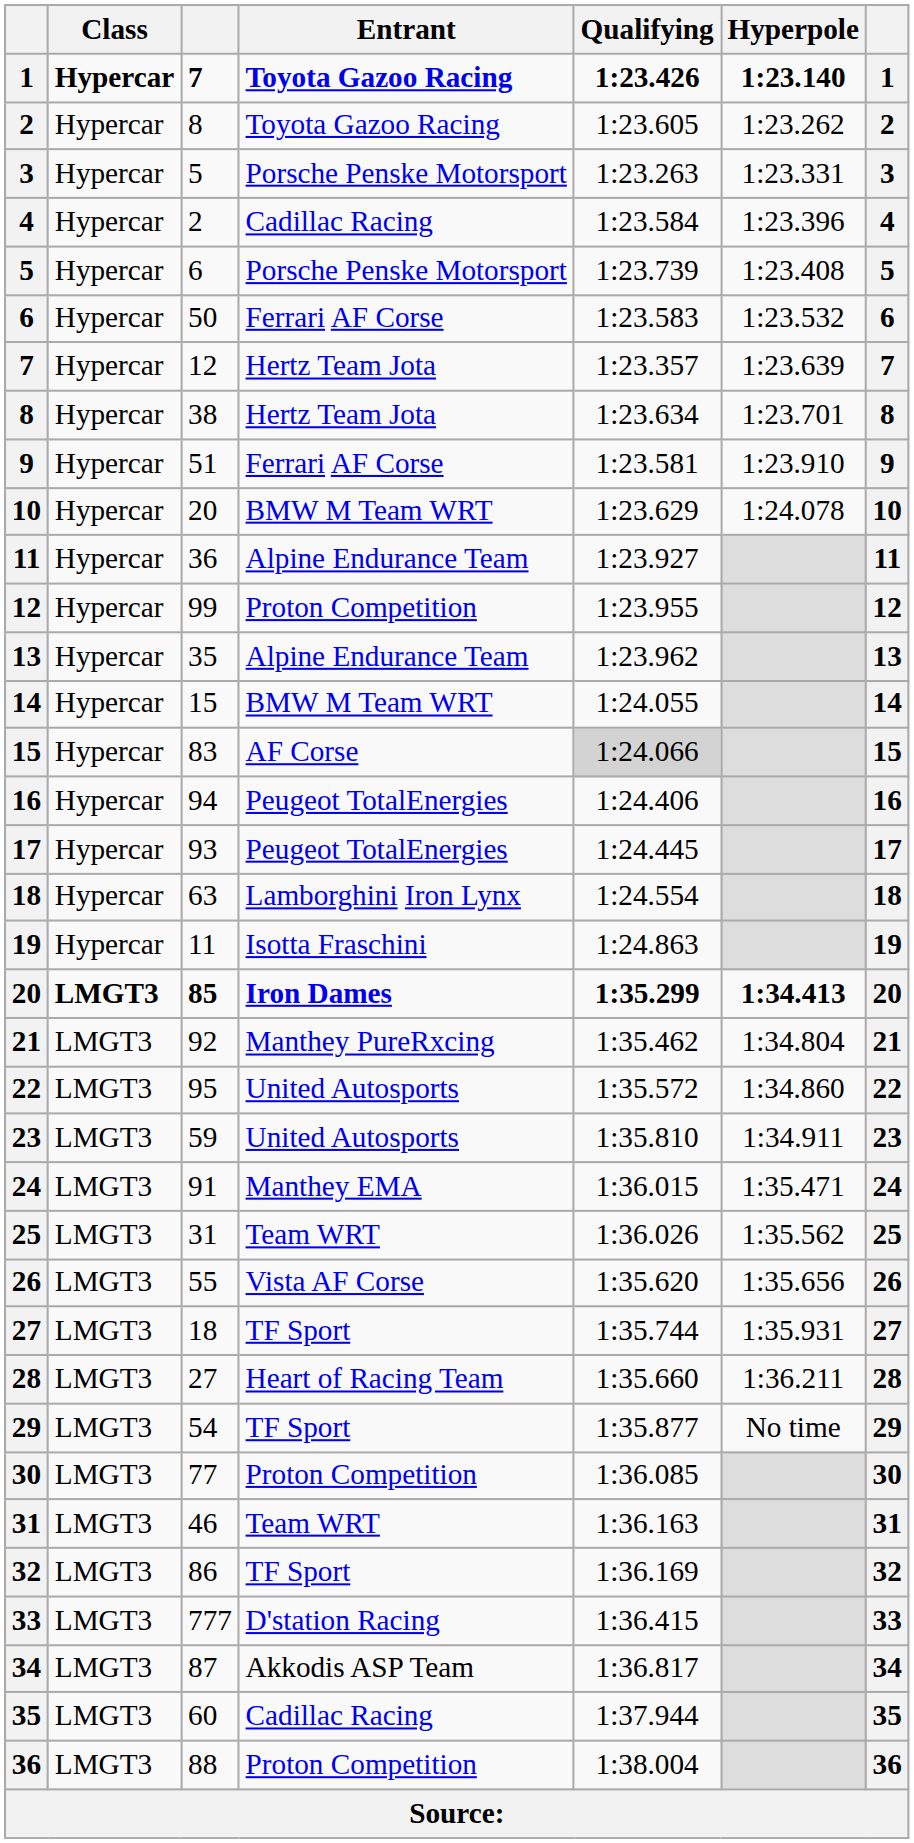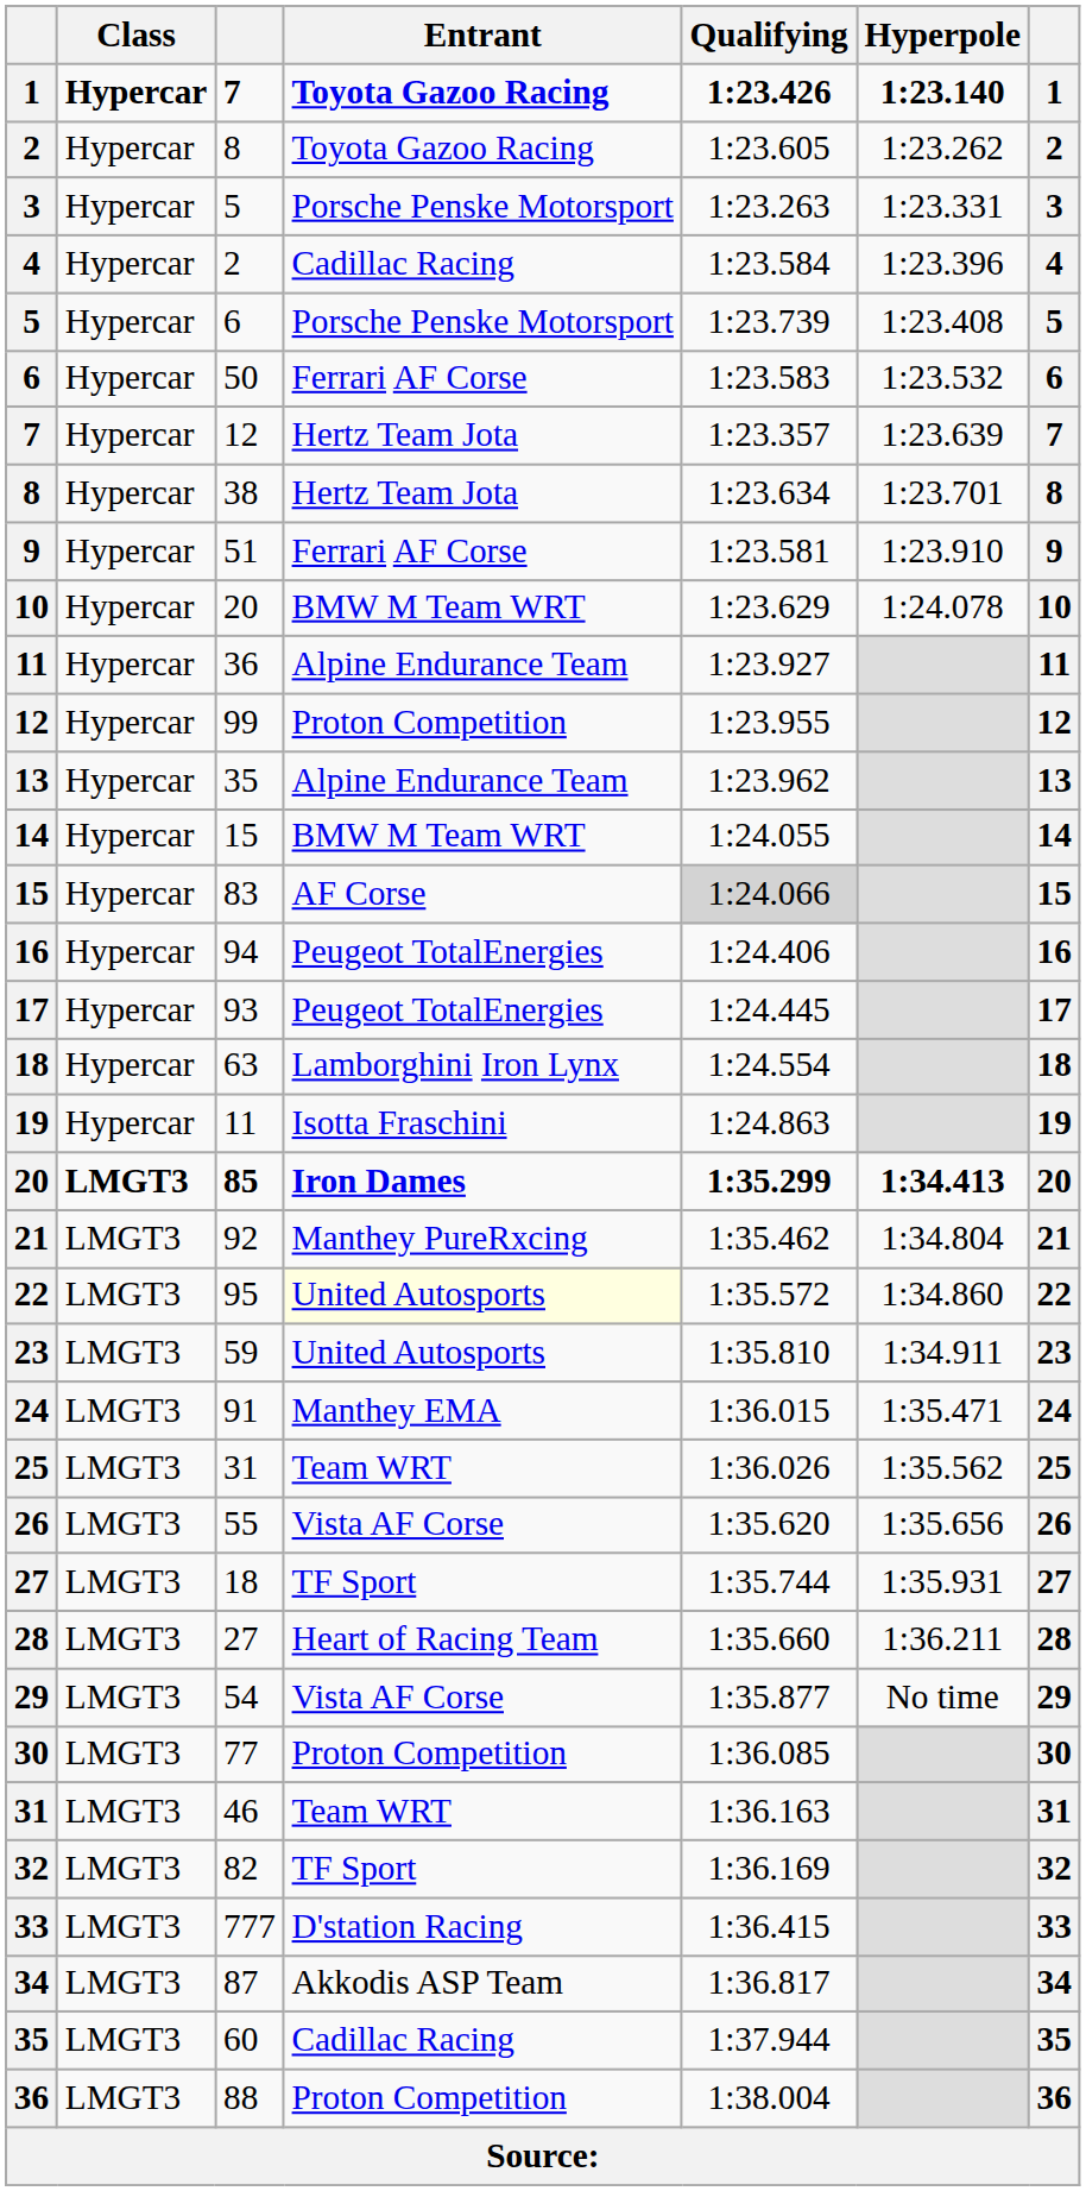 <table class="wikitable sortable" style="font-size:90%;">
 <tr>
 <th></th>
 <th>Class</th>
 <th></th>
 <th>Entrant</th>
 <th>Qualifying</th>
 <th>Hyperpole</th>
 <th></th>
 </tr>
 <tr style="font-weight:bold">
 <th>1</th>
 <td>Hypercar</td>
 <td>7</td>
 <td> <a href='#'>Toyota Gazoo Racing</a></td>
 <td style="text-align:center;">1:23.426</td>
 <td style="text-align:center;">1:23.140</td>
 <th>1</th>
 </tr>
 <tr>
 <th>2</th>
 <td>Hypercar</td>
 <td>8</td>
 <td> <a href='#'>Toyota Gazoo Racing</a></td>
 <td style="text-align:center;">1:23.605</td>
 <td style="text-align:center;">1:23.262</td>
 <th>2</th>
 </tr>
 <tr>
 <th>3</th>
 <td>Hypercar</td>
 <td>5</td>
 <td> <a href='#'>Porsche Penske Motorsport</a></td>
 <td style="text-align:center;">1:23.263</td>
 <td style="text-align:center;">1:23.331</td>
 <th>3</th>
 </tr>
 <tr>
 <th>4</th>
 <td>Hypercar</td>
 <td>2</td>
 <td> <a href='#'>Cadillac Racing</a></td>
 <td style="text-align:center;">1:23.584</td>
 <td style="text-align:center;">1:23.396</td>
 <th>4</th>
 </tr>
 <tr>
 <th>5</th>
 <td>Hypercar</td>
 <td>6</td>
 <td> <a href='#'>Porsche Penske Motorsport</a></td>
 <td style="text-align:center;">1:23.739</td>
 <td style="text-align:center;">1:23.408</td>
 <th>5</th>
 </tr>
 <tr>
 <th>6</th>
 <td>Hypercar</td>
 <td>50</td>
 <td> <a href='#'>Ferrari</a> <a href='#'>AF Corse</a></td>
 <td style="text-align:center;">1:23.583</td>
 <td style="text-align:center;">1:23.532</td>
 <th>6</th>
 </tr>
 <tr>
 <th>7</th>
 <td>Hypercar</td>
 <td>12</td>
 <td> <a href='#'>Hertz Team Jota</a></td>
 <td style="text-align:center;">1:23.357</td>
 <td style="text-align:center;">1:23.639</td>
 <th>7</th>
 </tr>
 <tr>
 <th>8</th>
 <td>Hypercar</td>
 <td>38</td>
 <td> <a href='#'>Hertz Team Jota</a></td>
 <td style="text-align:center;">1:23.634</td>
 <td style="text-align:center;">1:23.701</td>
 <th>8</th>
 </tr>
 <tr>
 <th>9</th>
 <td>Hypercar</td>
 <td>51</td>
 <td> <a href='#'>Ferrari</a> <a href='#'>AF Corse</a></td>
 <td style="text-align:center;">1:23.581</td>
 <td style="text-align:center;">1:23.910</td>
 <th>9</th>
 </tr>
 <tr>
 <th>10</th>
 <td>Hypercar</td>
 <td>20</td>
 <td> <a href='#'>BMW M Team WRT</a></td>
 <td style="text-align:center;">1:23.629</td>
 <td style="text-align:center;">1:24.078</td>
 <th>10</th>
 </tr>
 <tr>
 <th>11</th>
 <td>Hypercar</td>
 <td>36</td>
 <td> <a href='#'>Alpine Endurance Team</a></td>
 <td style="text-align:center;">1:23.927</td>
 <td style="text-align:center; background:#ddd;"></td>
 <th>11</th>
 </tr>
 <tr>
 <th>12</th>
 <td>Hypercar</td>
 <td>99</td>
 <td> <a href='#'>Proton Competition</a></td>
 <td style="text-align:center;">1:23.955</td>
 <td style="text-align:center; background:#ddd;"></td>
 <th>12</th>
 </tr>
 <tr>
 <th>13</th>
 <td>Hypercar</td>
 <td>35</td>
 <td> <a href='#'>Alpine Endurance Team</a></td>
 <td style="text-align:center;">1:23.962</td>
 <td style="text-align:center; background:#ddd;"></td>
 <th>13</th>
 </tr>
 <tr>
 <th>14</th>
 <td>Hypercar</td>
 <td>15</td>
 <td> <a href='#'>BMW M Team WRT</a></td>
 <td style="text-align:center;">1:24.055</td>
 <td style="text-align:center; background:#ddd;"></td>
 <th>14</th>
 </tr>
 <tr>
 <th>15</th>
 <td>Hypercar</td>
 <td>83</td>
 <td> <a href='#'>AF Corse</a></td>
 <td style="background: lightgrey; text-align:center;">1:24.066</td>
 <td style="text-align:center; background:#ddd;"></td>
 <th>15</th>
 </tr>
 <tr>
 <th>16</th>
 <td>Hypercar</td>
 <td>94</td>
 <td> <a href='#'>Peugeot TotalEnergies</a></td>
 <td style="text-align:center;">1:24.406</td>
 <td style="text-align:center; background:#ddd;"></td>
 <th>16</th>
 </tr>
 <tr>
 <th>17</th>
 <td>Hypercar</td>
 <td>93</td>
 <td> <a href='#'>Peugeot TotalEnergies</a></td>
 <td style="text-align:center;">1:24.445</td>
 <td style="text-align:center; background:#ddd;"></td>
 <th>17</th>
 </tr>
 <tr>
 <th>18</th>
 <td>Hypercar</td>
 <td>63</td>
 <td> <a href='#'>Lamborghini</a> <a href='#'>Iron Lynx</a></td>
 <td style="text-align:center;">1:24.554</td>
 <td style="text-align:center; background:#ddd;"></td>
 <th>18</th>
 </tr>
 <tr>
 <th>19</th>
 <td>Hypercar</td>
 <td>11</td>
 <td> <a href='#'>Isotta Fraschini</a></td>
 <td style="text-align:center;">1:24.863</td>
 <td style="text-align:center; background:#ddd;"></td>
 <th>19</th>
 </tr>
 <tr style="font-weight:bold">
 <th>20</th>
 <td>LMGT3</td>
 <td>85</td>
 <td> <a href='#'>Iron Dames</a></td>
 <td style="text-align:center;">1:35.299</td>
 <td style="text-align:center;">1:34.413</td>
 <th>20</th>
 </tr>
 <tr>
 <th>21</th>
 <td>LMGT3</td>
 <td>92</td>
 <td> <a href='#'>Manthey PureRxcing</a></td>
 <td style="text-align:center;">1:35.462</td>
 <td style="text-align:center;">1:34.804</td>
 <th>21</th>
 </tr>
 <tr>
 <th>22</th>
 <td>LMGT3</td>
 <td>95</td>
-<td> <a href='#'>United Autosports</a></td>
+<td style="background: lightyellow;"> <a href='#'>United Autosports</a></td>
 <td style="text-align:center;">1:35.572</td>
 <td style="text-align:center;">1:34.860</td>
 <th>22</th>
 </tr>
 <tr>
 <th>23</th>
 <td>LMGT3</td>
 <td>59</td>
 <td> <a href='#'>United Autosports</a></td>
 <td style="text-align:center;">1:35.810</td>
 <td style="text-align:center;">1:34.911</td>
 <th>23</th>
 </tr>
 <tr>
 <th>24</th>
 <td>LMGT3</td>
 <td>91</td>
 <td> <a href='#'>Manthey EMA</a></td>
 <td style="text-align:center;">1:36.015</td>
 <td style="text-align:center;">1:35.471</td>
 <th>24</th>
 </tr>
 <tr>
 <th>25</th>
 <td>LMGT3</td>
 <td>31</td>
 <td> <a href='#'>Team WRT</a></td>
 <td style="text-align:center;">1:36.026</td>
 <td style="text-align:center;">1:35.562</td>
 <th>25</th>
 </tr>
 <tr>
 <th>26</th>
 <td>LMGT3</td>
 <td>55</td>
 <td> <a href='#'>Vista AF Corse</a></td>
 <td style="text-align:center;">1:35.620</td>
 <td style="text-align:center;">1:35.656</td>
 <th>26</th>
 </tr>
 <tr>
 <th>27</th>
 <td>LMGT3</td>
 <td>18</td>
 <td> <a href='#'>TF Sport</a></td>
 <td style="text-align:center;">1:35.744</td>
 <td style="text-align:center;">1:35.931</td>
 <th>27</th>
 </tr>
 <tr>
 <th>28</th>
 <td>LMGT3</td>
 <td>27</td>
 <td> <a href='#'>Heart of Racing Team</a></td>
 <td style="text-align:center;">1:35.660</td>
 <td style="text-align:center;">1:36.211</td>
 <th>28</th>
 </tr>
 <tr>
 <th>29</th>
 <td>LMGT3</td>
 <td>54</td>
-<td> <a href='#'>TF Sport</a></td>
+<td> <a href='#'>Vista AF Corse</a></td>
 <td style="text-align:center;">1:35.877</td>
 <td style="text-align:center;">No time</td>
 <th>29</th>
 </tr>
 <tr>
 <th>30</th>
 <td>LMGT3</td>
 <td>77</td>
 <td> <a href='#'>Proton Competition</a></td>
 <td style="text-align:center;">1:36.085</td>
 <td style="text-align:center; background:#ddd;"></td>
 <th>30</th>
 </tr>
 <tr>
 <th>31</th>
 <td>LMGT3</td>
 <td>46</td>
 <td> <a href='#'>Team WRT</a></td>
 <td style="text-align:center;">1:36.163</td>
 <td style="text-align:center; background:#ddd;"></td>
 <th>31</th>
 </tr>
 <tr>
 <th>32</th>
 <td>LMGT3</td>
-<td>86</td>
+<td>82</td>
 <td> <a href='#'>TF Sport</a></td>
 <td style="text-align:center;">1:36.169</td>
 <td style="text-align:center; background:#ddd;"></td>
 <th>32</th>
 </tr>
 <tr>
 <th>33</th>
 <td>LMGT3</td>
 <td>777</td>
 <td> <a href='#'>D'station Racing</a></td>
 <td style="text-align:center;">1:36.415</td>
 <td style="text-align:center; background:#ddd;"></td>
 <th>33</th>
 </tr>
 <tr>
 <th>34</th>
 <td>LMGT3</td>
 <td>87</td>
 <td> Akkodis ASP Team</td>
 <td style="text-align:center;">1:36.817</td>
 <td style="text-align:center; background:#ddd;"></td>
 <th>34</th>
 </tr>
 <tr>
 <th>35</th>
 <td>LMGT3</td>
 <td>60</td>
 <td> <a href='#'>Cadillac Racing</a></td>
 <td style="text-align:center;">1:37.944</td>
 <td style="text-align:center; background:#ddd;"></td>
 <th>35</th>
 </tr>
 <tr>
 <th>36</th>
 <td>LMGT3</td>
 <td>88</td>
 <td> <a href='#'>Proton Competition</a></td>
 <td style="text-align:center;">1:38.004</td>
 <td style="text-align:center; background:#ddd;"></td>
 <th>36</th>
 </tr>
 <tr>
 <th colspan="7">Source:</th>
 </tr>
 </table>
